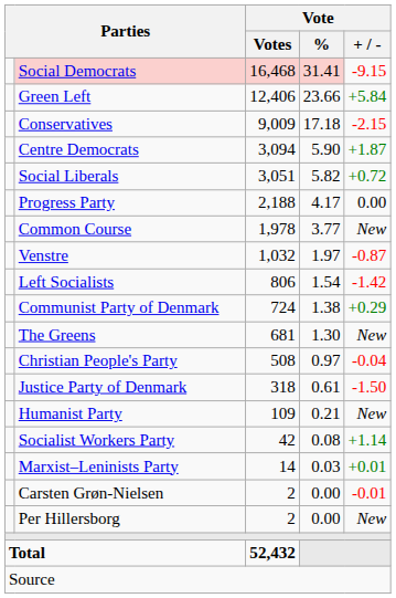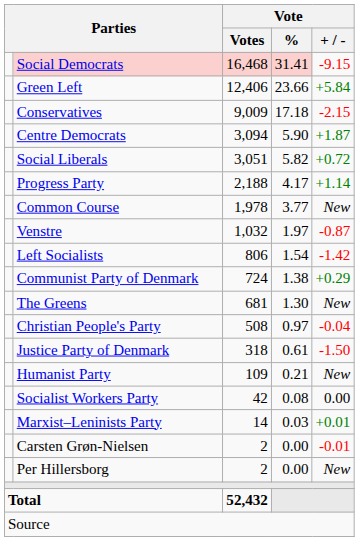 <table class="wikitable" style="text-align:right;">
 <tr>
 <th style="text-align:centre;" rowspan="2" colspan="2" width="225">Parties</th>
 <th colspan="3">Vote</th>
 </tr>
 <tr>
 <th width="15">Votes</th>
 <th width="15">%</th>
 <th width="15">+ / -</th>
 </tr>
 <tr>
 <td width="2" style="color:inherit;background:"></td>
 <td bgcolor=#fbd0ce  align="left"><a href='#'>Social Democrats</a></td>
 <td bgcolor=#fbd0ce>16,468</td>
 <td bgcolor=#fbd0ce>31.41</td>
 <td style=color:red;>-9.15</td>
 </tr>
 <tr>
 <td width="2" style="color:inherit;background:"></td>
 <td align="left"><a href='#'>Green Left</a></td>
 <td>12,406</td>
 <td>23.66</td>
 <td style=color:green;>+5.84</td>
 </tr>
 <tr>
 <td width="2" style="color:inherit;background:"></td>
 <td align="left"><a href='#'>Conservatives</a></td>
 <td>9,009</td>
 <td>17.18</td>
 <td style=color:red;>-2.15</td>
 </tr>
 <tr>
 <td width="2" style="color:inherit;background:"></td>
 <td align="left"><a href='#'>Centre Democrats</a></td>
 <td>3,094</td>
 <td>5.90</td>
 <td style=color:green;>+1.87</td>
 </tr>
 <tr>
 <td width="2" style="color:inherit;background:"></td>
 <td align="left"><a href='#'>Social Liberals</a></td>
 <td>3,051</td>
 <td>5.82</td>
 <td style=color:green;>+0.72</td>
 </tr>
 <tr>
 <td width="2" style="color:inherit;background:"></td>
 <td align="left"><a href='#'>Progress Party</a></td>
 <td>2,188</td>
 <td>4.17</td>
-<td>0.00</td>
+<td style=color:green;>+1.14</td>
 </tr>
 <tr>
 <td width="2" style="color:inherit;background:"></td>
 <td align="left"><a href='#'>Common Course</a></td>
 <td>1,978</td>
 <td>3.77</td>
 <td><em>New</em></td>
 </tr>
 <tr>
 <td width="2" style="color:inherit;background:"></td>
 <td align="left"><a href='#'>Venstre</a></td>
 <td>1,032</td>
 <td>1.97</td>
 <td style=color:red;>-0.87</td>
 </tr>
 <tr>
 <td width="2" style="color:inherit;background:"></td>
 <td align="left"><a href='#'>Left Socialists</a></td>
 <td>806</td>
 <td>1.54</td>
 <td style=color:red;>-1.42</td>
 </tr>
 <tr>
 <td width="2" style="color:inherit;background:"></td>
 <td align="left"><a href='#'>Communist Party of Denmark</a></td>
 <td>724</td>
 <td>1.38</td>
 <td style=color:green;>+0.29</td>
 </tr>
 <tr>
 <td width="2" style="color:inherit;background:"></td>
 <td align="left"><a href='#'>The Greens</a></td>
 <td>681</td>
 <td>1.30</td>
 <td><em>New</em></td>
 </tr>
 <tr>
 <td width="2" style="color:inherit;background:"></td>
 <td align="left"><a href='#'>Christian People's Party</a></td>
 <td>508</td>
 <td>0.97</td>
 <td style=color:red;>-0.04</td>
 </tr>
 <tr>
 <td width="2" style="color:inherit;background:"></td>
 <td align="left"><a href='#'>Justice Party of Denmark</a></td>
 <td>318</td>
 <td>0.61</td>
 <td style=color:red;>-1.50</td>
 </tr>
 <tr>
 <td width="2" style="color:inherit;background:"></td>
 <td align="left"><a href='#'>Humanist Party</a></td>
 <td>109</td>
 <td>0.21</td>
 <td><em>New</em></td>
 </tr>
 <tr>
 <td width="2" style="color:inherit;background:"></td>
 <td align="left"><a href='#'>Socialist Workers Party</a></td>
 <td>42</td>
 <td>0.08</td>
-<td style=color:green;>+1.14</td>
+<td>0.00</td>
 </tr>
 <tr>
 <td width="2" style="color:inherit;background:"></td>
 <td align="left"><a href='#'>Marxist–Leninists Party</a></td>
 <td>14</td>
 <td>0.03</td>
 <td style=color:green;>+0.01</td>
 </tr>
 <tr>
 <td width="2" style="color:inherit;background:"></td>
 <td align="left">Carsten Grøn-Nielsen</td>
 <td>2</td>
 <td>0.00</td>
 <td style=color:red;>-0.01</td>
 </tr>
 <tr>
 <td width="2" style="color:inherit;background:"></td>
 <td align="left">Per Hillersborg</td>
 <td>2</td>
 <td>0.00</td>
 <td><em>New</em></td>
 </tr>
 <tr>
 <td colspan="7" bgcolor="#E9E9E9"></td>
 </tr>
 <tr>
 <td align="left" colspan="2"><strong>Total</strong></td>
 <td><strong>52,432</strong></td>
 <td bgcolor="#E9E9E9" colspan="2"></td>
 </tr>
 <tr>
 <td align="left" colspan="6">Source</td>
 </tr>
 </table>
